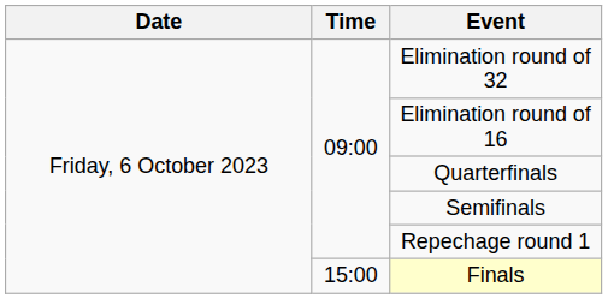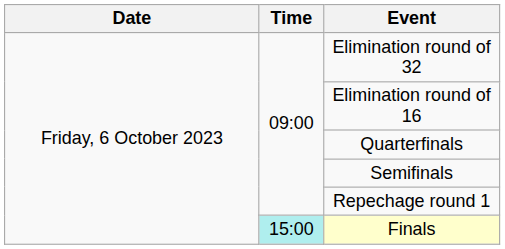 <table class = "wikitable" style="text-align:center;">
 <tr>
 <th width=220>Date</th>
 <th width=50>Time</th>
 <th width=150>Event</th>
 </tr>
 <tr>
 <td rowspan=6>Friday, 6 October 2023</td>
 <td rowspan=5>09:00</td>
 <td>Elimination round of 32</td>
 </tr>
 <tr>
 <td>Elimination round of 16</td>
 </tr>
 <tr>
 <td>Quarterfinals</td>
 </tr>
 <tr>
 <td>Semifinals</td>
 </tr>
 <tr>
 <td>Repechage round 1</td>
 </tr>
 <tr>
-<td>15:00</td>
+<td style="background: paleturquoise;">15:00</td>
 <td bgcolor=ffffcc>Finals</td>
 </tr>
 </table>
